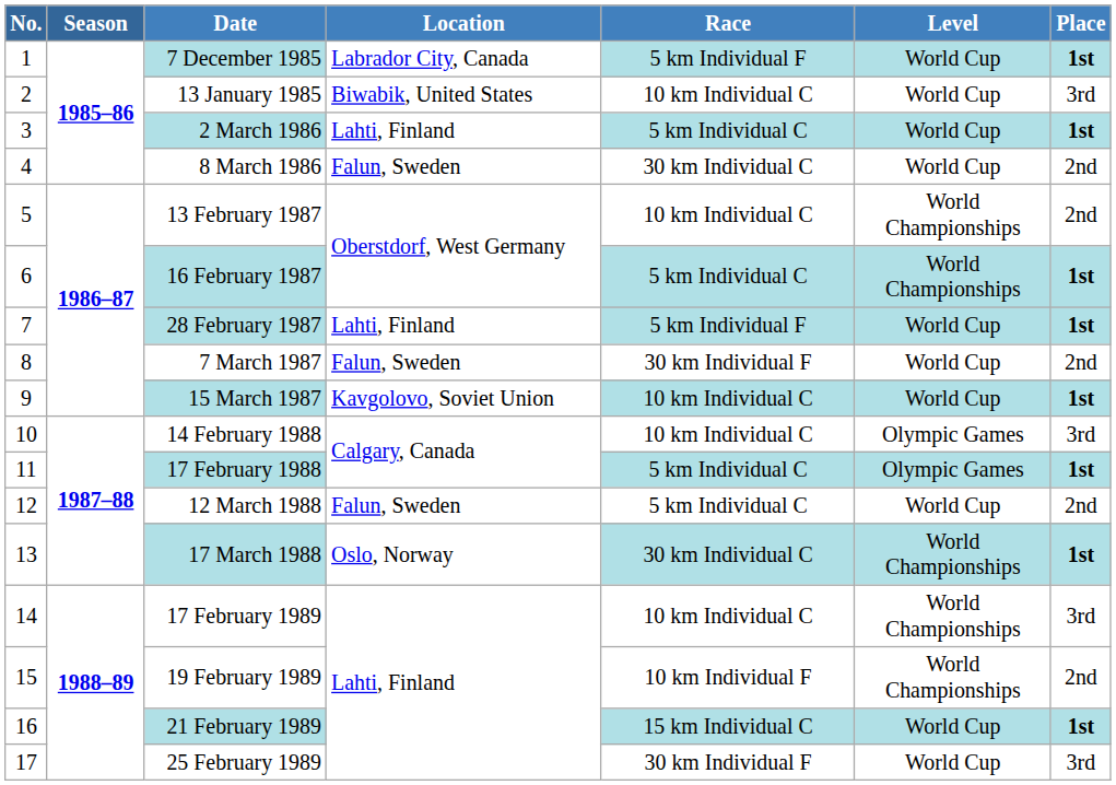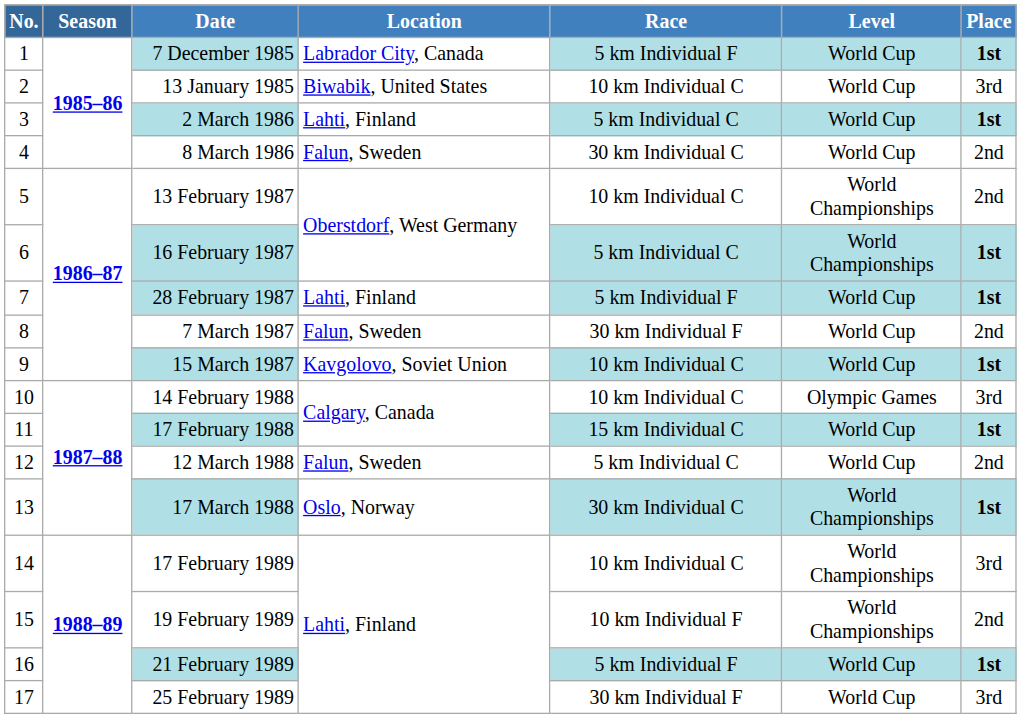 <table class="wikitable sortable" style="font-size:95%; text-align:center; border:grey solid 1px; border-collapse:collapse; background:#ffffff;">
 <tr style="background:#efefef;">
 <th style="background-color:#369; color:white;">No.</th>
 <th style="background-color:#369; color:white;">Season</th>
 <th style="background-color:#4180be; color:white; width:120px;">Date</th>
 <th style="background-color:#4180be; color:white; width:185px;">Location</th>
 <th style="background-color:#4180be; color:white; width:170px;">Race</th>
 <th style="background-color:#4180be; color:white; width:130px;">Level</th>
 <th style="background-color:#4180be; color:white;">Place</th>
 </tr>
 <tr>
 <td align=center>1</td>
 <td rowspan=4 align=center><strong><a href='#'>1985–86</a></strong></td>
 <td bgcolor="#BOEOE6" align=right>7 December 1985</td>
 <td align=left> <a href='#'>Labrador City</a>, Canada</td>
 <td bgcolor="#BOEOE6">5 km Individual F</td>
 <td bgcolor="#BOEOE6">World Cup</td>
 <td bgcolor="#BOEOE6"><strong>1st</strong></td>
 </tr>
 <tr>
 <td align=center>2</td>
 <td align=right>13 January 1985</td>
 <td align=left> <a href='#'>Biwabik</a>, United States</td>
 <td>10 km Individual C</td>
 <td>World Cup</td>
 <td>3rd</td>
 </tr>
 <tr>
 <td align=center>3</td>
 <td bgcolor="#BOEOE6" align=right>2 March 1986</td>
 <td align=left> <a href='#'>Lahti</a>, Finland</td>
 <td bgcolor="#BOEOE6">5 km Individual C</td>
 <td bgcolor="#BOEOE6">World Cup</td>
 <td bgcolor="#BOEOE6"><strong>1st</strong></td>
 </tr>
 <tr>
 <td align=center>4</td>
 <td align=right>8 March 1986</td>
 <td align=left> <a href='#'>Falun</a>, Sweden</td>
 <td>30 km Individual C</td>
 <td>World Cup</td>
 <td>2nd</td>
 </tr>
 <tr>
 <td align=center>5</td>
 <td rowspan=5 align=center><strong> <a href='#'>1986–87</a> </strong></td>
 <td align=right>13 February 1987</td>
 <td rowspan=2 align=left> <a href='#'>Oberstdorf</a>, West Germany</td>
 <td>10 km Individual C</td>
 <td>World Championships</td>
 <td>2nd</td>
 </tr>
 <tr>
 <td align=center>6</td>
 <td bgcolor="#BOEOE6" align=right>16 February 1987</td>
 <td bgcolor="#BOEOE6">5 km Individual C</td>
 <td bgcolor="#BOEOE6">World Championships</td>
 <td bgcolor="#BOEOE6"><strong>1st</strong></td>
 </tr>
 <tr>
 <td align=center>7</td>
 <td bgcolor="#BOEOE6" align=right>28 February 1987</td>
 <td align=left> <a href='#'>Lahti</a>, Finland</td>
 <td bgcolor="#BOEOE6">5 km Individual F</td>
 <td bgcolor="#BOEOE6">World Cup</td>
 <td bgcolor="#BOEOE6"><strong>1st</strong></td>
 </tr>
 <tr>
 <td align=center>8</td>
 <td align=right>7 March 1987</td>
 <td align=left> <a href='#'>Falun</a>, Sweden</td>
 <td>30 km Individual F</td>
 <td>World Cup</td>
 <td>2nd</td>
 </tr>
 <tr>
 <td align=center>9</td>
 <td bgcolor="#BOEOE6" align=right>15 March 1987</td>
 <td align=left> <a href='#'>Kavgolovo</a>, Soviet Union</td>
 <td bgcolor="#BOEOE6">10 km Individual C</td>
 <td bgcolor="#BOEOE6">World Cup</td>
 <td bgcolor="#BOEOE6"><strong>1st</strong></td>
 </tr>
 <tr>
 <td align=center>10</td>
 <td rowspan=4 align=center><strong> <a href='#'>1987–88</a> </strong></td>
 <td align=right>14 February 1988</td>
 <td rowspan=2 align=left> <a href='#'>Calgary</a>, Canada</td>
 <td>10 km Individual C</td>
 <td>Olympic Games</td>
 <td>3rd</td>
 </tr>
 <tr>
 <td align=center>11</td>
 <td bgcolor="#BOEOE6" align=right>17 February 1988</td>
-<td bgcolor="#BOEOE6">5 km Individual C</td>
-<td bgcolor="#BOEOE6">Olympic Games</td>
+<td bgcolor="#BOEOE6">15 km Individual C</td>
+<td bgcolor="#BOEOE6">World Cup</td>
 <td bgcolor="#BOEOE6"><strong>1st</strong></td>
 </tr>
 <tr>
 <td align=center>12</td>
 <td align=right>12 March 1988</td>
 <td align=left> <a href='#'>Falun</a>, Sweden</td>
 <td>5 km Individual C</td>
 <td>World Cup</td>
 <td>2nd</td>
 </tr>
 <tr>
 <td align=center>13</td>
 <td bgcolor="#BOEOE6" align=right>17 March 1988</td>
 <td align=left> <a href='#'>Oslo</a>, Norway</td>
 <td bgcolor="#BOEOE6">30 km Individual C</td>
 <td bgcolor="#BOEOE6">World Championships</td>
 <td bgcolor="#BOEOE6"><strong>1st</strong></td>
 </tr>
 <tr>
 <td align=center>14</td>
 <td rowspan=4 align=center><strong> <a href='#'>1988–89</a> </strong></td>
 <td align=right>17 February 1989</td>
 <td rowspan=4 align=left> <a href='#'>Lahti</a>, Finland</td>
 <td>10 km Individual C</td>
 <td>World Championships</td>
 <td>3rd</td>
 </tr>
 <tr>
 <td align=center>15</td>
 <td align=right>19 February 1989</td>
 <td>10 km Individual F</td>
 <td>World Championships</td>
 <td>2nd</td>
 </tr>
 <tr>
 <td align=center>16</td>
 <td bgcolor="#BOEOE6" align=right>21 February 1989</td>
-<td bgcolor="#BOEOE6">15 km Individual C</td>
+<td bgcolor="#BOEOE6">5 km Individual F</td>
 <td bgcolor="#BOEOE6">World Cup</td>
 <td bgcolor="#BOEOE6"><strong>1st</strong></td>
 </tr>
 <tr>
 <td align=center>17</td>
 <td align=right>25 February 1989</td>
 <td>30 km Individual F</td>
 <td>World Cup</td>
 <td>3rd</td>
 </tr>
 </table>
